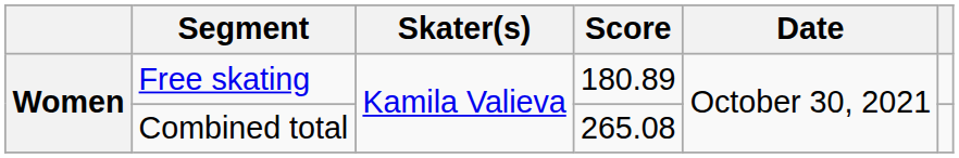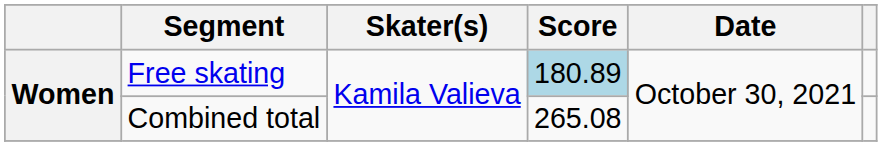 <table class="wikitable unsortable style="text-align:left">
 <tr>
 <th scope="col"></th>
 <th scope="col">Segment</th>
 <th scope="col">Skater(s)</th>
 <th scope="col">Score</th>
 <th scope="col">Date</th>
 <th scope="col"></th>
 </tr>
 <tr>
 <th scope="row" rowspan="2" style="text-align:left">Women</th>
 <td><a href='#'>Free skating</a></td>
 <td rowspan="2"> <a href='#'>Kamila Valieva</a></td>
-<td align="center">180.89</td>
+<td align="center" style="background: lightblue;">180.89</td>
 <td rowspan="2">October 30, 2021</td>
 <td></td>
 </tr>
 <tr>
 <td>Combined total</td>
 <td align="center">265.08</td>
 <td></td>
 </tr>
 </table>
